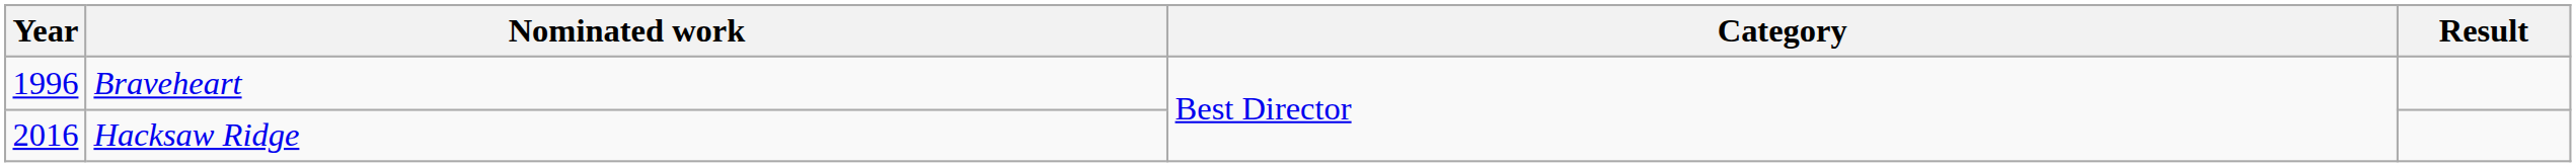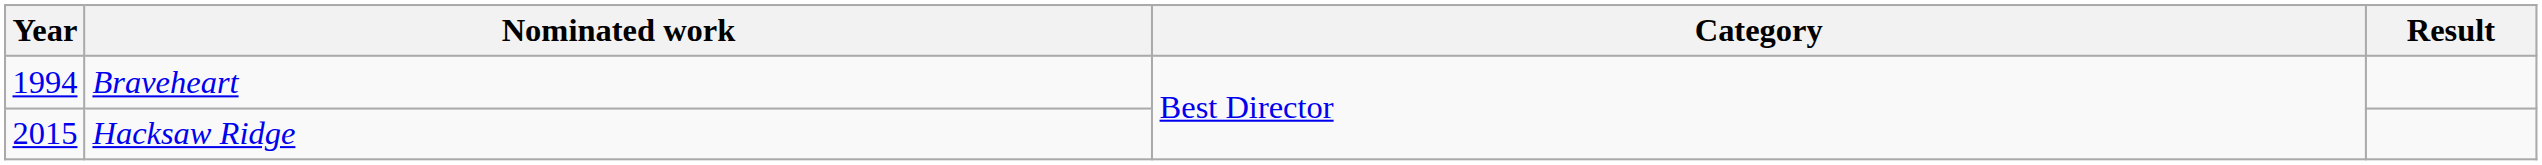 <table class="wikitable">
 <tr>
 <th scope="col" style="width:1em;">Year</th>
 <th scope="col" style="width:35em;">Nominated work</th>
 <th scope="col" style="width:40em;">Category</th>
 <th scope="col" style="width:5em;">Result</th>
 </tr>
 <tr>
-<td><a href='#'>1996</a></td>
+<td><a href='#'>1994</a></td>
 <td><em><a href='#'>Braveheart</a></em></td>
 <td rowspan="2"><a href='#'>Best Director</a></td>
 <td></td>
 </tr>
 <tr>
-<td><a href='#'>2016</a></td>
+<td><a href='#'>2015</a></td>
 <td><em><a href='#'>Hacksaw Ridge</a></em></td>
 <td></td>
 </tr>
 </table>
